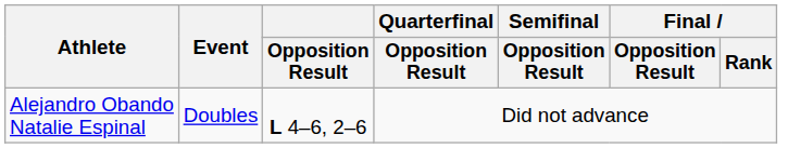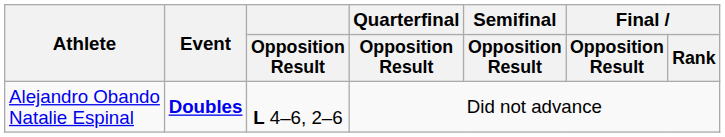 <table class=wikitable style=font-size:90%;text-align:center>
 <tr>
 <th rowspan=2>Athlete</th>
 <th rowspan=2>Event</th>
 <th></th>
 <th>Quarterfinal</th>
 <th>Semifinal</th>
 <th colspan=2>Final / </th>
 </tr>
 <tr style=font-size:95%>
 <th>Opposition<br>Result</th>
 <th>Opposition<br>Result</th>
 <th>Opposition<br>Result</th>
 <th>Opposition<br>Result</th>
 <th>Rank</th>
 </tr>
 <tr>
 <td align=left><a href='#'>Alejandro Obando</a><br><a href='#'>Natalie Espinal</a></td>
-<td align=left><a href='#'>Doubles</a></td>
+<td align=left><strong><a href='#'>Doubles</a></strong></td>
 <td><br><strong>L</strong> 4–6, 2–6</td>
 <td colspan=4>Did not advance</td>
 </tr>
 </table>
